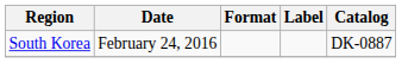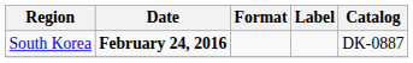 <table class="wikitable">
 <tr>
 <th>Region</th>
 <th>Date</th>
 <th>Format</th>
 <th>Label</th>
 <th>Catalog</th>
 </tr>
 <tr>
 <td align="center"><a href='#'>South Korea</a></td>
-<td align="center">February 24, 2016</td>
+<td align="center"><strong>February 24, 2016</strong></td>
 <td align="center"></td>
 <td align="center"></td>
 <td align="center">DK-0887</td>
 </tr>
 <tr>
 </tr>
 </table>
